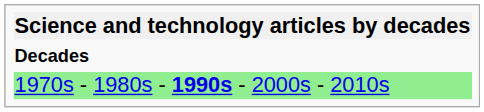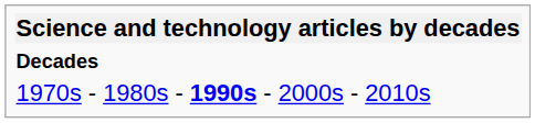 <table class="infobox">
 <tr style="background-color:#f0f0f0">
 <td align="left"><strong>Science and technology articles by decades</strong></td>
 </tr>
 <tr>
 <td align="left"><small><strong>Decades</strong></small></td>
 </tr>
 <tr>
-<td align="left" style="background: lightgreen;"><a href='#'>1970s</a> - <a href='#'>1980s</a> - <strong><a href='#'>1990s</a></strong> - <a href='#'>2000s</a> - <a href='#'>2010s</a></td>
+<td align="left"><a href='#'>1970s</a> - <a href='#'>1980s</a> - <strong><a href='#'>1990s</a></strong> - <a href='#'>2000s</a> - <a href='#'>2010s</a></td>
 </tr>
 </table>
